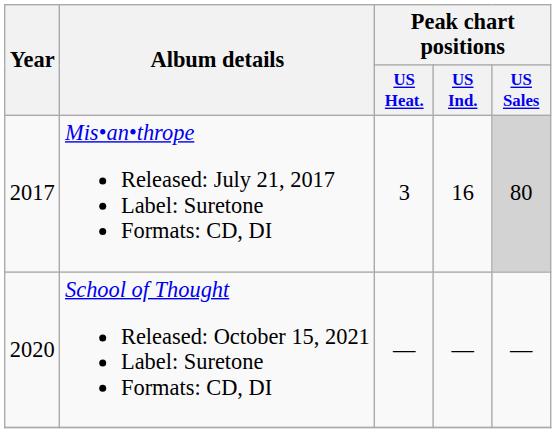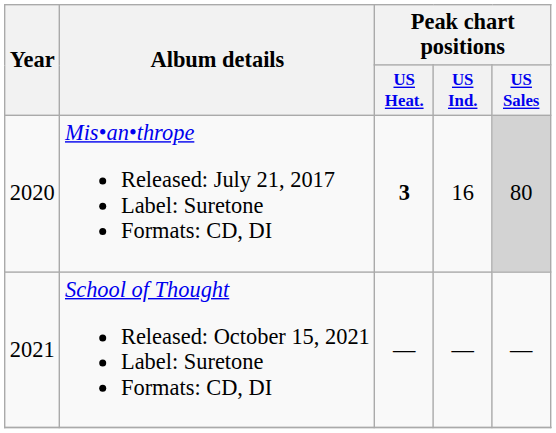 <table class="wikitable">
 <tr>
 <th rowspan="2">Year</th>
 <th rowspan="2">Album details</th>
 <th colspan="3">Peak chart positions</th>
 </tr>
 <tr>
 <th style="width:3em;font-size:75%"><a href='#'>US<br>Heat.</a><br></th>
 <th style="width:3em;font-size:75%"><a href='#'>US<br>Ind.</a><br></th>
 <th style="width:3em;font-size:75%"><a href='#'>US<br>Sales</a><br></th>
 </tr>
 <tr>
-<td style="text-align:center;">2017</td>
+<td style="text-align:center;">2020</td>
 <td align="left"><em><a href='#'>Mis•an•thrope</a></em><br><ul><li>Released: July 21, 2017</li><li>Label: Suretone</li><li>Formats: CD, DI</li></ul></td>
-<td style="text-align:center;">3</td>
+<td style="text-align:center;"><strong>3</strong></td>
 <td style="text-align:center;">16</td>
 <td style="background: lightgrey; text-align:center;">80</td>
 </tr>
 <tr>
-<td style="text-align:center;">2020</td>
+<td style="text-align:center;">2021</td>
 <td align="left"><em><a href='#'>School of Thought</a></em><br><ul><li>Released: October 15, 2021</li><li>Label: Suretone</li><li>Formats: CD, DI</li></ul></td>
 <td style="text-align:center;">—</td>
 <td style="text-align:center;">—</td>
 <td style="text-align:center;">—</td>
 </tr>
 <tr>
 </tr>
 </table>
